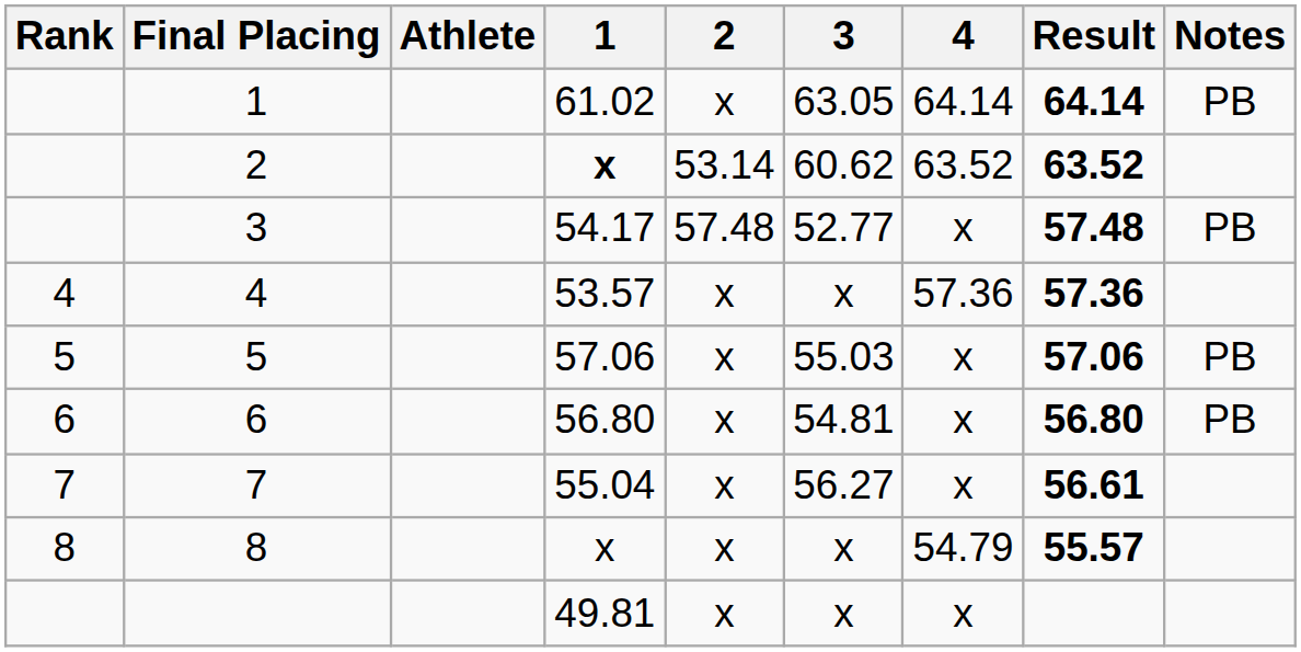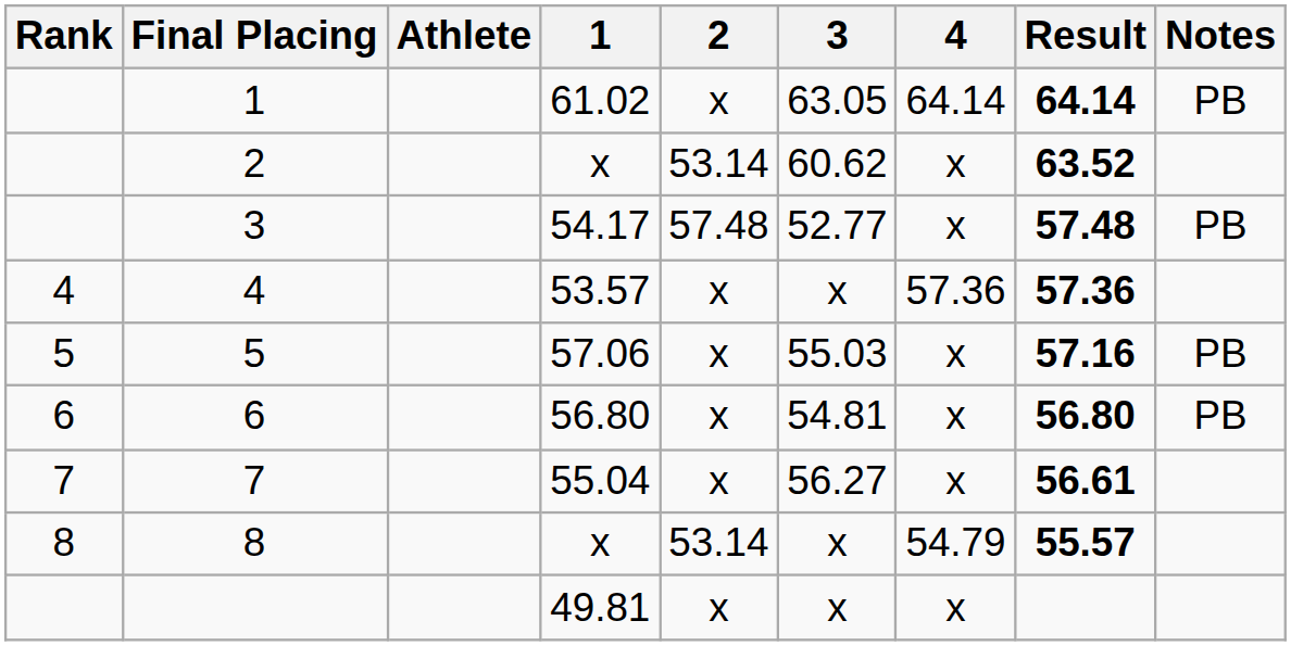 <table class="wikitable sortable" style="text-align:center">
 <tr>
 <th>Rank</th>
 <th>Final Placing</th>
 <th>Athlete</th>
 <th>1</th>
 <th>2</th>
 <th>3</th>
 <th>4</th>
 <th>Result</th>
 <th>Notes</th>
 </tr>
 <tr>
 <td></td>
 <td>1</td>
 <td align=left></td>
 <td>61.02</td>
 <td>x</td>
 <td>63.05</td>
 <td>64.14</td>
 <td><strong>64.14</strong></td>
 <td>PB</td>
 </tr>
 <tr>
 <td></td>
 <td>2</td>
 <td align=left></td>
-<td><strong>x</strong></td>
+<td>x</td>
 <td>53.14</td>
 <td>60.62</td>
-<td>63.52</td>
+<td>x</td>
 <td><strong>63.52</strong></td>
 <td></td>
 </tr>
 <tr>
 <td></td>
 <td>3</td>
 <td align=left></td>
 <td>54.17</td>
 <td>57.48</td>
 <td>52.77</td>
 <td>x</td>
 <td><strong>57.48</strong></td>
 <td>PB</td>
 </tr>
 <tr>
 <td>4</td>
 <td>4</td>
 <td align=left></td>
 <td>53.57</td>
 <td>x</td>
 <td>x</td>
 <td>57.36</td>
 <td><strong>57.36</strong></td>
 <td></td>
 </tr>
 <tr>
 <td>5</td>
 <td>5</td>
 <td align=left></td>
 <td>57.06</td>
 <td>x</td>
 <td>55.03</td>
 <td>x</td>
-<td><strong>57.06</strong></td>
+<td><strong>57.16</strong></td>
 <td>PB</td>
 </tr>
 <tr>
 <td>6</td>
 <td>6</td>
 <td align=left></td>
 <td>56.80</td>
 <td>x</td>
 <td>54.81</td>
 <td>x</td>
 <td><strong>56.80</strong></td>
 <td>PB</td>
 </tr>
 <tr>
 <td>7</td>
 <td>7</td>
 <td align=left></td>
 <td>55.04</td>
 <td>x</td>
 <td>56.27</td>
 <td>x</td>
 <td><strong>56.61</strong></td>
 <td></td>
 </tr>
 <tr>
 <td>8</td>
 <td>8</td>
 <td align=left></td>
 <td>x</td>
-<td>x</td>
+<td>53.14</td>
 <td>x</td>
 <td>54.79</td>
 <td><strong>55.57</strong></td>
 <td></td>
 </tr>
 <tr>
 <td></td>
 <td></td>
 <td align=left></td>
 <td>49.81</td>
 <td>x</td>
 <td>x</td>
 <td>x</td>
 <td></td>
 <td></td>
 </tr>
 </table>
